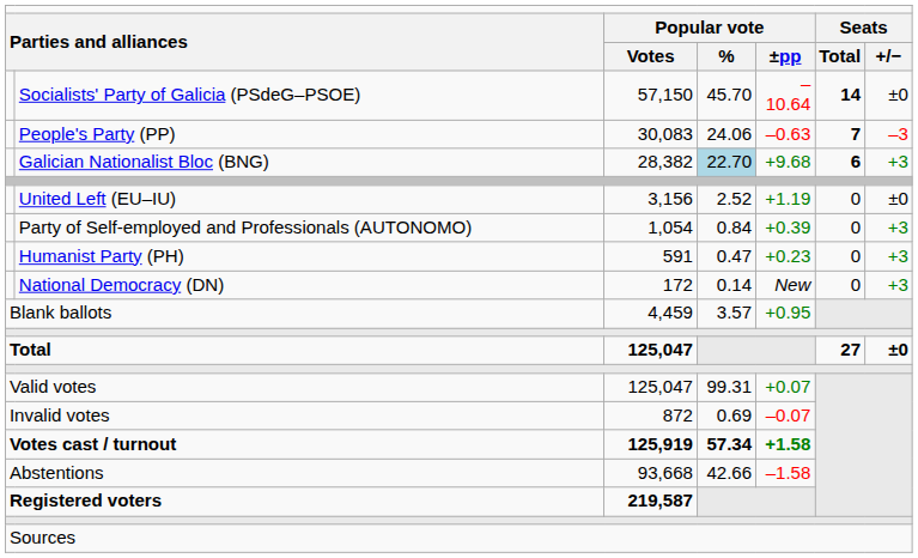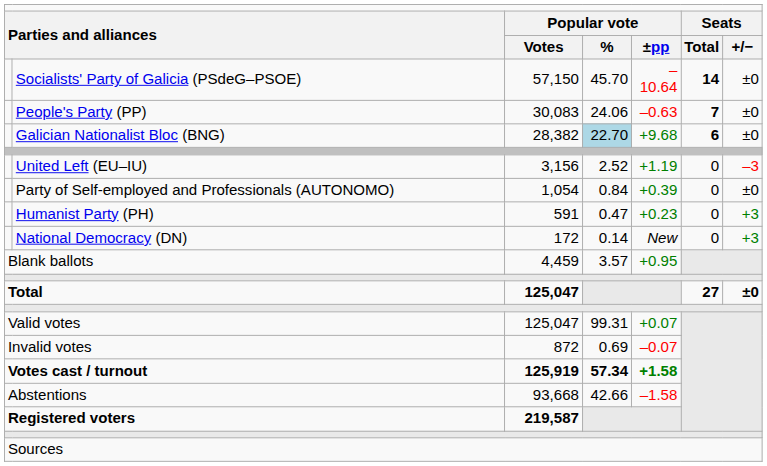 <table class="wikitable" style="text-align:right;">
 <tr>
 <td colspan="7"></td>
 </tr>
 <tr>
 <th style="text-align:left;" rowspan="2" colspan="2" width="525">Parties and alliances</th>
 <th colspan="3">Popular vote</th>
 <th colspan="2">Seats</th>
 </tr>
 <tr>
 <th width="75">Votes</th>
 <th width="45">%</th>
 <th width="45">±<a href='#'>pp</a></th>
 <th width="35">Total</th>
 <th width="35">+/−</th>
 </tr>
 <tr>
 <td width="1" style="color:inherit;background:"></td>
 <td align="left"><a href='#'>Socialists' Party of Galicia</a> (PSdeG–PSOE)</td>
 <td>57,150</td>
 <td>45.70</td>
 <td style="color:red;">–10.64</td>
 <td><strong>14</strong></td>
 <td>±0</td>
 </tr>
 <tr>
 <td style="color:inherit;background:"></td>
 <td align="left"><a href='#'>People's Party</a> (PP)</td>
 <td>30,083</td>
 <td>24.06</td>
 <td style="color:red;">–0.63</td>
 <td><strong>7</strong></td>
-<td style="color:red;">–3</td>
+<td>±0</td>
 </tr>
 <tr>
 <td style="color:inherit;background:"></td>
 <td align="left"><a href='#'>Galician Nationalist Bloc</a> (BNG)</td>
 <td>28,382</td>
 <td style="background: lightblue;">22.70</td>
 <td style="color:green;">+9.68</td>
 <td><strong>6</strong></td>
-<td style="color:green;">+3</td>
+<td>±0</td>
 </tr>
 <tr>
 <td colspan="7" bgcolor="#C0C0C0"></td>
 </tr>
 <tr>
 <td style="color:inherit;background:"></td>
 <td align="left"><a href='#'>United Left</a> (EU–IU)</td>
 <td>3,156</td>
 <td>2.52</td>
 <td style="color:green;">+1.19</td>
 <td>0</td>
-<td>±0</td>
+<td style="color:red;">–3</td>
 </tr>
 <tr>
 <td style="color:inherit;background:"></td>
 <td align="left">Party of Self-employed and Professionals (AUTONOMO)</td>
 <td>1,054</td>
 <td>0.84</td>
 <td style="color:green;">+0.39</td>
 <td>0</td>
-<td style="color:green;">+3</td>
+<td>±0</td>
 </tr>
 <tr>
 <td style="color:inherit;background:"></td>
 <td align="left"><a href='#'>Humanist Party</a> (PH)</td>
 <td>591</td>
 <td>0.47</td>
 <td style="color:green;">+0.23</td>
 <td>0</td>
 <td style="color:green;">+3</td>
 </tr>
 <tr>
 <td style="color:inherit;background:"></td>
 <td align="left"><a href='#'>National Democracy</a> (DN)</td>
 <td>172</td>
 <td>0.14</td>
 <td><em>New</em></td>
 <td>0</td>
 <td style="color:green;">+3</td>
 </tr>
 <tr>
 <td align="left" colspan="2">Blank ballots</td>
 <td>4,459</td>
 <td>3.57</td>
 <td style="color:green;">+0.95</td>
 <td bgcolor="#E9E9E9" colspan="2"></td>
 </tr>
 <tr>
 <td colspan="7" bgcolor="#E9E9E9"></td>
 </tr>
 <tr style="font-weight:bold;">
 <td align="left" colspan="2">Total</td>
 <td>125,047</td>
 <td bgcolor="#E9E9E9" colspan="2"></td>
 <td>27</td>
 <td>±0</td>
 </tr>
 <tr>
 <td colspan="7" bgcolor="#E9E9E9"></td>
 </tr>
 <tr>
 <td align="left" colspan="2">Valid votes</td>
 <td>125,047</td>
 <td>99.31</td>
 <td style="color:green;">+0.07</td>
 <td bgcolor="#E9E9E9" colspan="2" rowspan="5"></td>
 </tr>
 <tr>
 <td align="left" colspan="2">Invalid votes</td>
 <td>872</td>
 <td>0.69</td>
 <td style="color:red;">–0.07</td>
 </tr>
 <tr style="font-weight:bold;">
 <td align="left" colspan="2">Votes cast / turnout</td>
 <td>125,919</td>
 <td>57.34</td>
 <td style="color:green;">+1.58</td>
 </tr>
 <tr>
 <td align="left" colspan="2">Abstentions</td>
 <td>93,668</td>
 <td>42.66</td>
 <td style="color:red;">–1.58</td>
 </tr>
 <tr style="font-weight:bold;">
 <td align="left" colspan="2">Registered voters</td>
 <td>219,587</td>
 <td bgcolor="#E9E9E9" colspan="2"></td>
 </tr>
 <tr>
 <td colspan="7" bgcolor="#E9E9E9"></td>
 </tr>
 <tr>
 <td align="left" colspan="7">Sources</td>
 </tr>
 </table>
